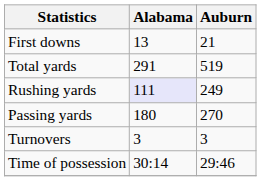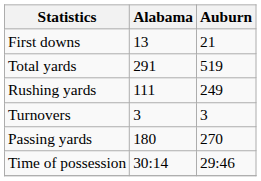 <table class="wikitable" style="float: left;">
 <tr>
 <th>Statistics</th>
 <th>Alabama</th>
 <th>Auburn</th>
 </tr>
 <tr>
 <td>First downs</td>
 <td>13</td>
 <td>21</td>
 </tr>
 <tr>
 <td>Total yards</td>
 <td>291</td>
 <td>519</td>
 </tr>
 <tr>
 <td>Rushing yards</td>
-<td style="background: lavender;">111</td>
+<td>111</td>
 <td>249</td>
+</tr>
+<tr>
+<td>Turnovers</td>
+<td>3</td>
+<td>3</td>
 </tr>
 <tr>
 <td>Passing yards</td>
 <td>180</td>
 <td>270</td>
-</tr>
-<tr>
-<td>Turnovers</td>
-<td>3</td>
-<td>3</td>
 </tr>
 <tr>
 <td>Time of possession</td>
 <td>30:14</td>
 <td>29:46</td>
 </tr>
 <tr>
 </tr>
 </table>
